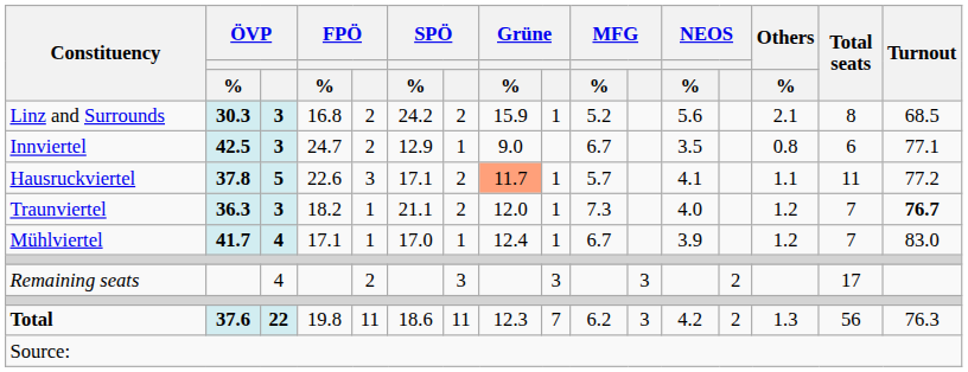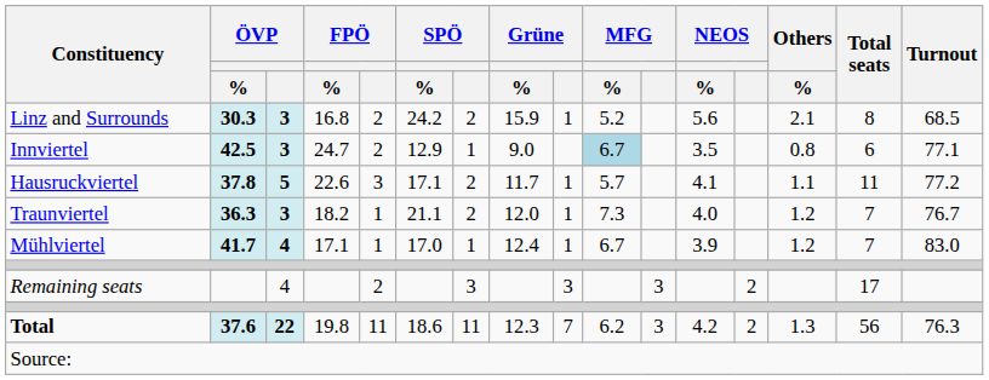 <table class="wikitable" style="text-align:center;font-size:90%;line-height:16px">
 <tr style="height:40px;">
 <th style="width:140px;" rowspan="3">Constituency</th>
 <th style="width:60px;" colspan="2"><a href='#'>ÖVP</a></th>
 <th style="width:60px;" colspan="2"><a href='#'>FPÖ</a></th>
 <th style="width:60px;" colspan="2"><a href='#'>SPÖ</a></th>
 <th style="width:60px;" colspan="2"><a href='#'>Grüne</a></th>
 <th style="width:60px;" colspan="2"><a href='#'>MFG</a></th>
 <th style="width:60px;" colspan="2"><a href='#'>NEOS</a></th>
 <th class="unsortable" style="width:40px;" rowspan="2">Others</th>
 <th class="unsortable" style="width:40px;" rowspan="3">Total<br>seats</th>
 <th class="unsortable" style="width:40px;" rowspan="3">Turnout</th>
 </tr>
 <tr>
 <th colspan="2" style="background:"></th>
 <th colspan="2" style="background:"></th>
 <th colspan="2" style="background:"></th>
 <th colspan="2" style="background:"></th>
 <th colspan="2" style="background:"></th>
 <th colspan="2" style="background:"></th>
 </tr>
 <tr>
 <th class=unsortable>%</th>
 <th class=unsortable></th>
 <th class=unsortable>%</th>
 <th class=unsortable></th>
 <th class=unsortable>%</th>
 <th class=unsortable></th>
 <th class=unsortable>%</th>
 <th class=unsortable></th>
 <th class=unsortable>%</th>
 <th class=unsortable></th>
 <th class=unsortable>%</th>
 <th class=unsortable></th>
 <th class=unsortable>%</th>
 </tr>
 <tr>
 <td align=left><a href='#'>Linz</a> and <a href='#'>Surrounds</a></td>
 <td bgcolor=#D2EDF1><strong>30.3</strong></td>
 <td bgcolor=#D2EDF1><strong>3</strong></td>
 <td>16.8</td>
 <td>2</td>
 <td>24.2</td>
 <td>2</td>
 <td>15.9</td>
 <td>1</td>
 <td>5.2</td>
 <td></td>
 <td>5.6</td>
 <td></td>
 <td>2.1</td>
 <td>8</td>
 <td>68.5</td>
 </tr>
 <tr>
 <td align=left><a href='#'>Innviertel</a></td>
 <td bgcolor=#D2EDF1><strong>42.5</strong></td>
 <td bgcolor=#D2EDF1><strong>3</strong></td>
 <td>24.7</td>
 <td>2</td>
 <td>12.9</td>
 <td>1</td>
 <td>9.0</td>
 <td></td>
-<td>6.7</td>
+<td style="background: lightblue;">6.7</td>
 <td></td>
 <td>3.5</td>
 <td></td>
 <td>0.8</td>
 <td>6</td>
 <td>77.1</td>
 </tr>
 <tr>
 <td align=left><a href='#'>Hausruckviertel</a></td>
 <td bgcolor=#D2EDF1><strong>37.8</strong></td>
 <td bgcolor=#D2EDF1><strong>5</strong></td>
 <td>22.6</td>
 <td>3</td>
 <td>17.1</td>
 <td>2</td>
-<td style="background: lightsalmon;">11.7</td>
+<td>11.7</td>
 <td>1</td>
 <td>5.7</td>
 <td></td>
 <td>4.1</td>
 <td></td>
 <td>1.1</td>
 <td>11</td>
 <td>77.2</td>
 </tr>
 <tr>
 <td align=left><a href='#'>Traunviertel</a></td>
 <td bgcolor=#D2EDF1><strong>36.3</strong></td>
 <td bgcolor=#D2EDF1><strong>3</strong></td>
 <td>18.2</td>
 <td>1</td>
 <td>21.1</td>
 <td>2</td>
 <td>12.0</td>
 <td>1</td>
 <td>7.3</td>
 <td></td>
 <td>4.0</td>
 <td></td>
 <td>1.2</td>
 <td>7</td>
-<td><strong>76.7</strong></td>
+<td>76.7</td>
 </tr>
 <tr>
 <td align=left><a href='#'>Mühlviertel</a></td>
 <td bgcolor=#D2EDF1><strong>41.7</strong></td>
 <td bgcolor=#D2EDF1><strong>4</strong></td>
 <td>17.1</td>
 <td>1</td>
 <td>17.0</td>
 <td>1</td>
 <td>12.4</td>
 <td>1</td>
 <td>6.7</td>
 <td></td>
 <td>3.9</td>
 <td></td>
 <td>1.2</td>
 <td>7</td>
 <td>83.0</td>
 </tr>
 <tr>
 <td colspan=16 bgcolor=lightgrey></td>
 </tr>
 <tr>
 <td align=left><em>Remaining seats</em></td>
 <td></td>
 <td>4</td>
 <td></td>
 <td>2</td>
 <td></td>
 <td>3</td>
 <td></td>
 <td>3</td>
 <td></td>
 <td>3</td>
 <td></td>
 <td>2</td>
 <td></td>
 <td>17</td>
 <td></td>
 </tr>
 <tr>
 <td colspan=16 bgcolor=lightgrey></td>
 </tr>
 <tr>
 <td align=left><strong>Total</strong></td>
 <td bgcolor=#D2EDF1><strong>37.6</strong></td>
 <td bgcolor=#D2EDF1><strong>22</strong></td>
 <td>19.8</td>
 <td>11</td>
 <td>18.6</td>
 <td>11</td>
 <td>12.3</td>
 <td>7</td>
 <td>6.2</td>
 <td>3</td>
 <td>4.2</td>
 <td>2</td>
 <td>1.3</td>
 <td>56</td>
 <td>76.3</td>
 </tr>
 <tr class=sortbottom>
 <td colspan=16 align=left>Source: </td>
 </tr>
 </table>
